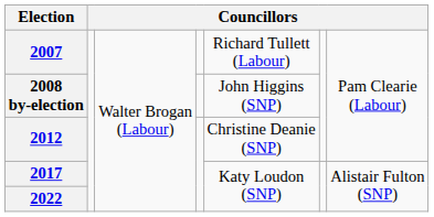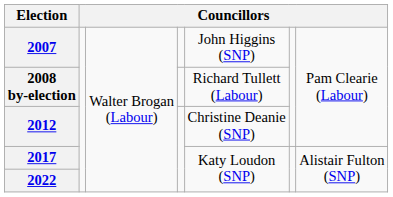 <table class="wikitable" style="text-align:center">
 <tr>
 <th>Election</th>
 <th colspan=8>Councillors</th>
 </tr>
 <tr>
 <th><a href='#'>2007</a></th>
 <td rowspan=5; style="background-color: "></td>
 <td rowspan=5>Walter Brogan<br>(<a href='#'>Labour</a>)</td>
 <td rowspan=1; style="background-color: "></td>
-<td>Richard Tullett<br>(<a href='#'>Labour</a>)</td>
+<td>John Higgins<br>(<a href='#'>SNP</a>)</td>
 <td rowspan=3; style="background-color: "></td>
 <td rowspan=3>Pam Clearie<br>(<a href='#'>Labour</a>)</td>
 </tr>
 <tr>
 <th>2008<br>by-election</th>
 <td rowspan=1; style="background-color: "></td>
-<td>John Higgins<br>(<a href='#'>SNP</a>)</td>
+<td>Richard Tullett<br>(<a href='#'>Labour</a>)</td>
 </tr>
 <tr>
 <th><a href='#'>2012</a></th>
 <td rowspan=3; style="background-color: "></td>
 <td>Christine Deanie<br>(<a href='#'>SNP</a>)</td>
 </tr>
 <tr>
 <th><a href='#'>2017</a></th>
 <td rowspan=2>Katy Loudon<br>(<a href='#'>SNP</a>)</td>
 <td rowspan=2; style="background-color: "></td>
 <td rowspan=2>Alistair Fulton<br>(<a href='#'>SNP</a>)</td>
 </tr>
 <tr>
 <th><a href='#'>2022</a></th>
 </tr>
 </table>
